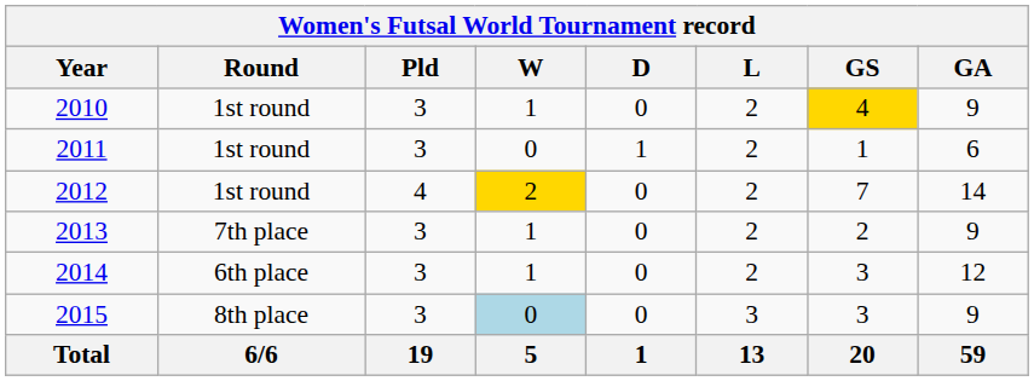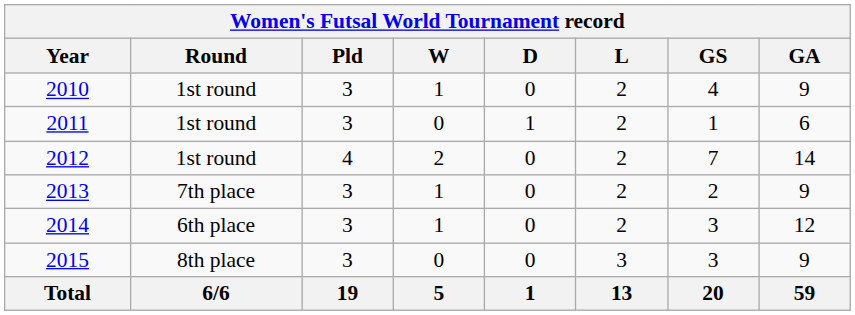 <table class="wikitable" width=50% style="text-align: center;font-size:100%;">
 <tr>
 <th colspan=8><a href='#'>Women's Futsal World Tournament</a> record</th>
 </tr>
 <tr>
 <th width=11%>Year</th>
 <th width=15%>Round</th>
 <th width=8%>Pld</th>
 <th width=8%>W</th>
 <th width=8%>D</th>
 <th width=8%>L</th>
 <th width=8%>GS</th>
 <th width=8%>GA</th>
 </tr>
 <tr>
 <td> <a href='#'>2010</a></td>
 <td>1st round</td>
 <td>3</td>
 <td>1</td>
 <td>0</td>
 <td>2</td>
-<td style="background: gold;">4</td>
+<td>4</td>
 <td>9</td>
 </tr>
 <tr bgcolor=>
 <td> <a href='#'>2011</a></td>
 <td>1st round</td>
 <td>3</td>
 <td>0</td>
 <td>1</td>
 <td>2</td>
 <td>1</td>
 <td>6</td>
 </tr>
 <tr>
 <td> <a href='#'>2012</a></td>
 <td>1st round</td>
 <td>4</td>
-<td style="background: gold;">2</td>
+<td>2</td>
 <td>0</td>
 <td>2</td>
 <td>7</td>
 <td>14</td>
 </tr>
 <tr>
 <td> <a href='#'>2013</a></td>
 <td>7th place</td>
 <td>3</td>
 <td>1</td>
 <td>0</td>
 <td>2</td>
 <td>2</td>
 <td>9</td>
 </tr>
 <tr>
 <td> <a href='#'>2014</a></td>
 <td>6th place</td>
 <td>3</td>
 <td>1</td>
 <td>0</td>
 <td>2</td>
 <td>3</td>
 <td>12</td>
 </tr>
 <tr>
 <td> <a href='#'>2015</a></td>
 <td>8th place</td>
 <td>3</td>
-<td style="background: lightblue;">0</td>
+<td>0</td>
 <td>0</td>
 <td>3</td>
 <td>3</td>
 <td>9</td>
 </tr>
 <tr>
 <th><strong>Total</strong></th>
 <th>6/6</th>
 <th>19</th>
 <th>5</th>
 <th>1</th>
 <th>13</th>
 <th>20</th>
 <th>59</th>
 </tr>
 </table>
